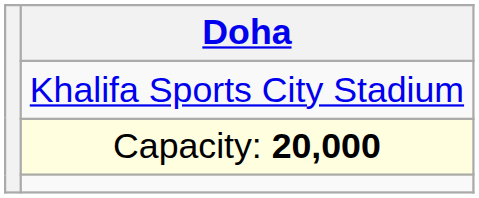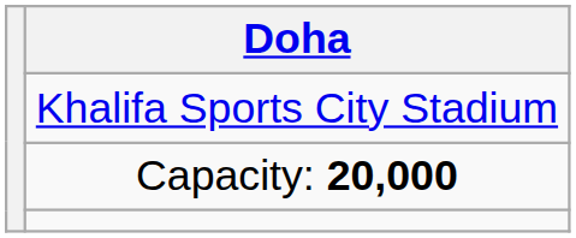 <table class="wikitable" style="text-align:center">
 <tr>
 <th rowspan="4"></th>
 <th><a href='#'>Doha</a></th>
 </tr>
 <tr>
 <td><a href='#'>Khalifa Sports City Stadium</a></td>
 </tr>
 <tr>
-<td style="background: lightyellow;">Capacity: <strong>20,000</strong></td>
+<td>Capacity: <strong>20,000</strong></td>
 </tr>
 <tr>
 <td></td>
 </tr>
 </table>
